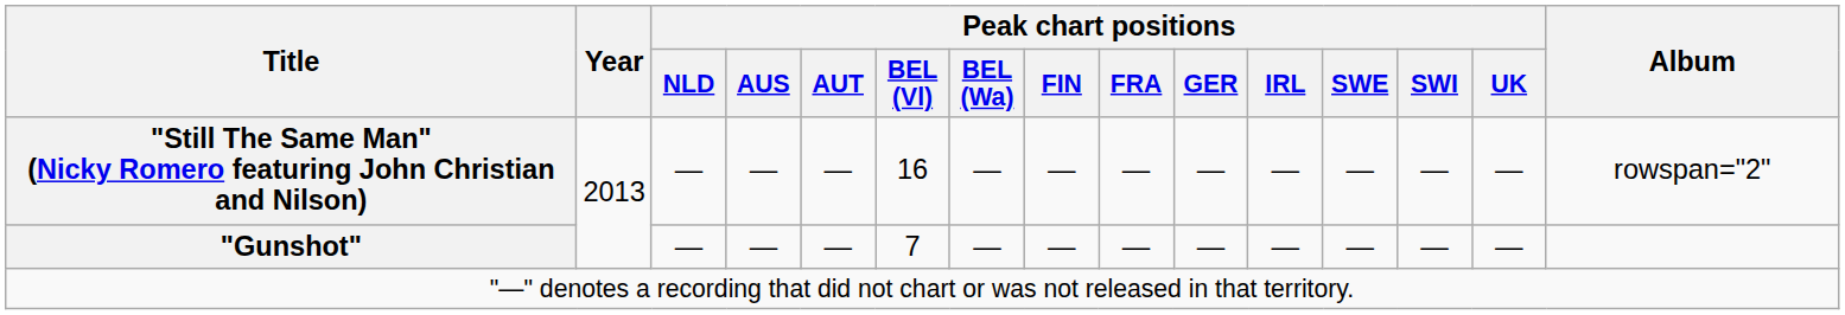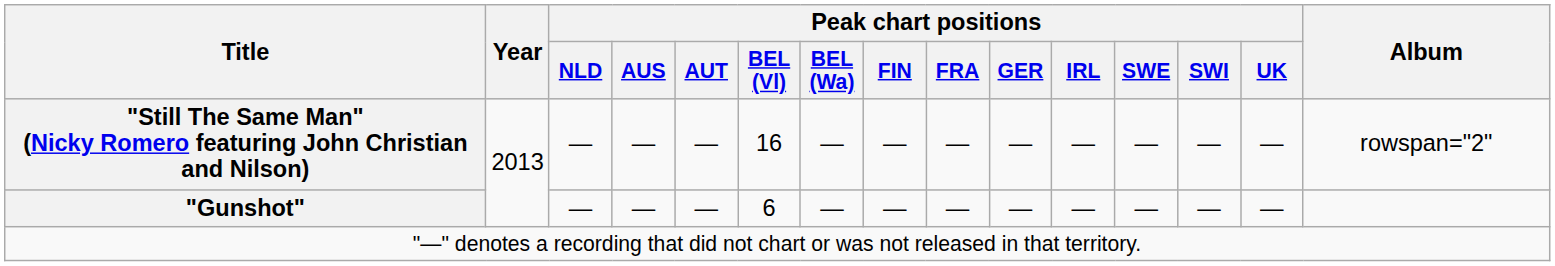 <table class="wikitable plainrowheaders" style="text-align:center;">
 <tr>
 <th scope="col" rowspan="2" style="width:20em;">Title</th>
 <th scope="col" rowspan="2" style="width:1em;">Year</th>
 <th scope="col" colspan="12">Peak chart positions</th>
 <th scope="col" rowspan="2" style="width:10em;">Album</th>
 </tr>
 <tr>
 <th scope="col" style="width:2.5em;font-size:90%;"><a href='#'>NLD</a><br></th>
 <th scope="col" style="width:2.5em;font-size:90%;"><a href='#'>AUS</a><br></th>
 <th scope="col" style="width:2.5em;font-size:90%;"><a href='#'>AUT</a><br></th>
 <th scope="col" style="width:2.5em;font-size:90%;"><a href='#'>BEL (Vl)</a><br></th>
 <th scope="col" style="width:2.5em;font-size:90%;"><a href='#'>BEL (Wa)</a><br></th>
 <th scope="col" style="width:2.5em;font-size:90%;"><a href='#'>FIN</a><br></th>
 <th scope="col" style="width:2.5em;font-size:90%;"><a href='#'>FRA</a><br></th>
 <th scope="col" style="width:2.5em;font-size:90%;"><a href='#'>GER</a><br></th>
 <th scope="col" style="width:2.5em;font-size:90%;"><a href='#'>IRL</a><br></th>
 <th scope="col" style="width:2.5em;font-size:90%;"><a href='#'>SWE</a><br></th>
 <th scope="col" style="width:2.5em;font-size:90%;"><a href='#'>SWI</a><br></th>
 <th scope="col" style="width:2.5em;font-size:90%;"><a href='#'>UK</a><br></th>
 </tr>
 <tr>
 <th scope="row">"Still The Same Man" <br><span>(<a href='#'>Nicky Romero</a> featuring John Christian and Nilson)</span></th>
 <td rowspan="2">2013</td>
 <td>—</td>
 <td>—</td>
 <td>—</td>
 <td>16</td>
 <td>—</td>
 <td>—</td>
 <td>—</td>
 <td>—</td>
 <td>—</td>
 <td>—</td>
 <td>—</td>
 <td>—</td>
 <td>rowspan="2" </td>
 </tr>
 <tr>
 <th scope="row">"Gunshot"</th>
 <td>—</td>
 <td>—</td>
 <td>—</td>
-<td>7</td>
+<td>6</td>
 <td>—</td>
 <td>—</td>
 <td>—</td>
 <td>—</td>
 <td>—</td>
 <td>—</td>
 <td>—</td>
 <td>—</td>
 </tr>
 <tr>
 <td colspan="16" style="font-size:90%">"—" denotes a recording that did not chart or was not released in that territory.</td>
 </tr>
 </table>
